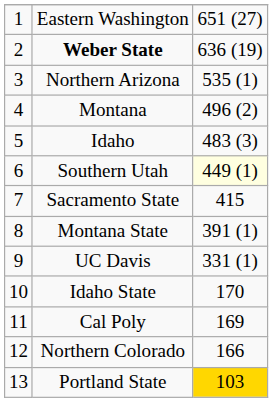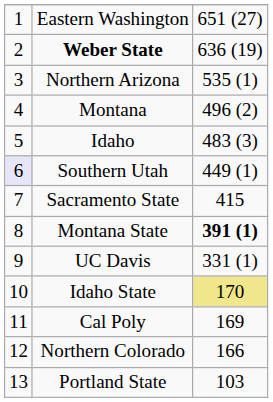 <table class="wikitable" style="display: inline-table;">
 <tr align="center">
 </tr>
 <tr align="center">
 <td>1</td>
 <td>Eastern Washington</td>
 <td>651 (27)</td>
 </tr>
 <tr align="center">
 <td>2</td>
 <td><strong>Weber State</strong></td>
 <td>636 (19)</td>
 </tr>
 <tr align="center">
 <td>3</td>
 <td>Northern Arizona</td>
 <td>535 (1)</td>
 </tr>
 <tr align="center">
 <td>4</td>
 <td>Montana</td>
 <td>496 (2)</td>
 </tr>
 <tr align="center">
 <td>5</td>
 <td>Idaho</td>
 <td>483 (3)</td>
 </tr>
 <tr align="center">
-<td>6</td>
+<td style="background: lavender;">6</td>
 <td>Southern Utah</td>
-<td style="background: lightyellow;">449 (1)</td>
+<td>449 (1)</td>
 </tr>
 <tr align="center">
 <td>7</td>
 <td>Sacramento State</td>
 <td>415</td>
 </tr>
 <tr align="center">
 <td>8</td>
 <td>Montana State</td>
-<td>391 (1)</td>
+<td><strong>391 (1)</strong></td>
 </tr>
 <tr align="center">
 <td>9</td>
 <td>UC Davis</td>
 <td>331 (1)</td>
 </tr>
 <tr align="center">
 <td>10</td>
 <td>Idaho State</td>
-<td>170</td>
+<td style="background: khaki;">170</td>
 </tr>
 <tr align="center">
 <td>11</td>
 <td>Cal Poly</td>
 <td>169</td>
 </tr>
 <tr align="center">
 <td>12</td>
 <td>Northern Colorado</td>
 <td>166</td>
 </tr>
 <tr align="center">
 <td>13</td>
 <td>Portland State</td>
-<td style="background: gold;">103</td>
+<td>103</td>
 </tr>
 </table>
